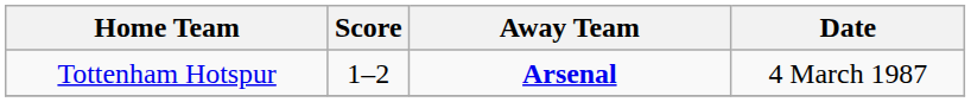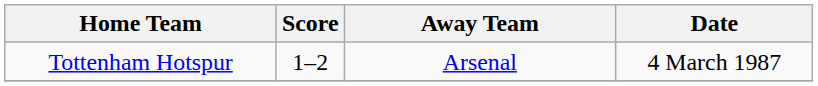 <table class="wikitable" style="text-align:center;">
 <tr>
 <th width=175>Home Team</th>
 <th width=20>Score</th>
 <th width=175>Away Team</th>
 <th width= 125>Date</th>
 </tr>
 <tr>
 <td><a href='#'>Tottenham Hotspur</a></td>
 <td>1–2</td>
-<td><strong><a href='#'>Arsenal</a></strong></td>
+<td><a href='#'>Arsenal</a></td>
 <td>4 March 1987</td>
 </tr>
 <tr>
 </tr>
 </table>
